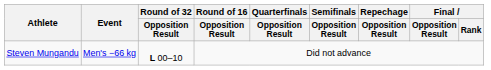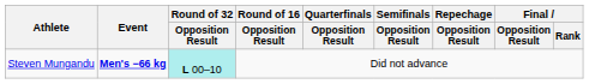 <table class="wikitable" style="font-size:90%">
 <tr>
 <th rowspan="2">Athlete</th>
 <th rowspan="2">Event</th>
 <th>Round of 32</th>
 <th>Round of 16</th>
 <th>Quarterfinals</th>
 <th>Semifinals</th>
 <th>Repechage</th>
 <th colspan=2>Final / </th>
 </tr>
 <tr style="font-size:95%">
 <th>Opposition<br>Result</th>
 <th>Opposition<br>Result</th>
 <th>Opposition<br>Result</th>
 <th>Opposition<br>Result</th>
 <th>Opposition<br>Result</th>
 <th>Opposition<br>Result</th>
 <th>Rank</th>
 </tr>
 <tr align=center>
 <td align=left><a href='#'>Steven Mungandu</a></td>
-<td align=left><a href='#'>Men's −66 kg</a></td>
-<td><br><strong>L</strong> 00–10</td>
+<td align=left><strong><a href='#'>Men's −66 kg</a></strong></td>
+<td style="background: paleturquoise;"><br><strong>L</strong> 00–10</td>
 <td colspan=6>Did not advance</td>
 </tr>
 </table>
